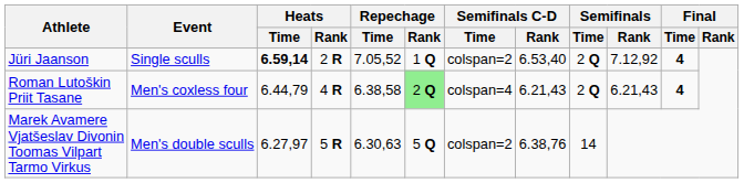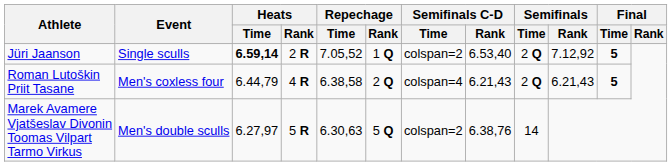 <table class="wikitable" style="font-size:90%">
 <tr>
 <th rowspan="2">Athlete</th>
 <th rowspan="2">Event</th>
 <th colspan="2">Heats</th>
 <th colspan="2">Repechage</th>
 <th colspan="2">Semifinals C-D</th>
 <th colspan="2">Semifinals</th>
 <th colspan="2">Final</th>
 </tr>
 <tr style="font-size:95%">
 <th>Time</th>
 <th>Rank</th>
 <th>Time</th>
 <th>Rank</th>
 <th>Time</th>
 <th>Rank</th>
 <th>Time</th>
 <th>Rank</th>
 <th>Time</th>
 <th>Rank</th>
 </tr>
 <tr align=center>
 <td align=left><a href='#'>Jüri Jaanson</a></td>
 <td align=left><a href='#'>Single sculls</a></td>
 <td><strong>6.59,14</strong></td>
 <td>2 <strong>R</strong></td>
 <td>7.05,52</td>
 <td>1 <strong>Q</strong></td>
 <td>colspan=2 </td>
 <td>6.53,40</td>
 <td>2 <strong>Q</strong></td>
 <td>7.12,92</td>
-<td><strong>4</strong></td>
+<td><strong>5</strong></td>
 </tr>
 <tr align=center>
 <td align=left><a href='#'>Roman Lutoškin</a><br><a href='#'>Priit Tasane</a></td>
 <td align=left><a href='#'>Men's coxless four</a></td>
 <td>6.44,79</td>
 <td>4 <strong>R</strong></td>
 <td>6.38,58</td>
-<td style="background: lightgreen;">2 <strong>Q</strong></td>
+<td>2 <strong>Q</strong></td>
 <td>colspan=4 </td>
 <td>6.21,43</td>
 <td>2 <strong>Q</strong></td>
 <td>6.21,43</td>
-<td><strong>4</strong></td>
+<td><strong>5</strong></td>
 </tr>
 <tr align=center>
 <td align=left><a href='#'>Marek Avamere</a><br><a href='#'>Vjatšeslav Divonin</a><br><a href='#'>Toomas Vilpart</a><br><a href='#'>Tarmo Virkus</a></td>
 <td align=left><a href='#'>Men's double sculls</a></td>
 <td>6.27,97</td>
 <td>5 <strong>R</strong></td>
 <td>6.30,63</td>
 <td>5 <strong>Q</strong></td>
 <td>colspan=2 </td>
 <td>6.38,76</td>
 <td>14</td>
 </tr>
 </table>
